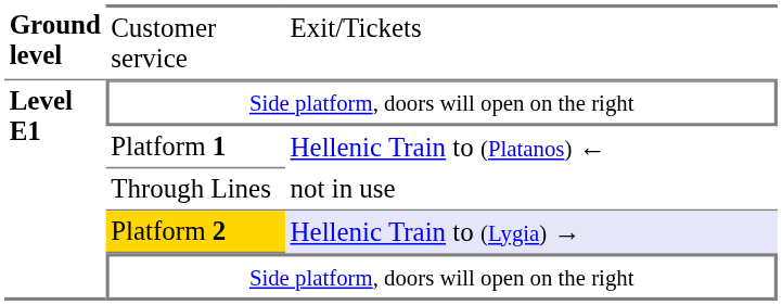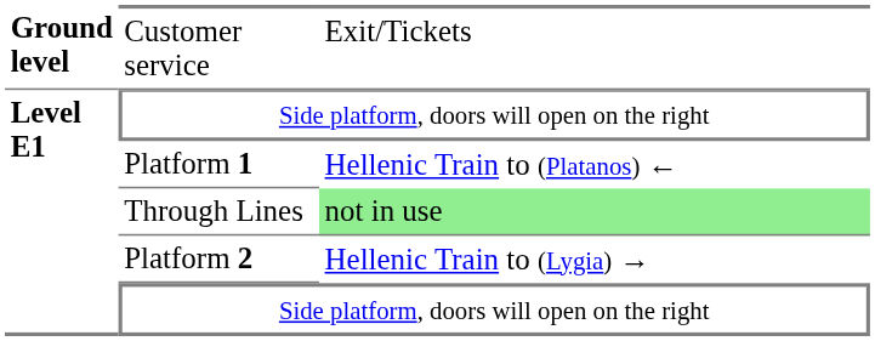 <table table border=0 cellspacing=0 cellpadding=3>
 <tr>
 <td style="border-bottom:solid 1px gray;" width=50 valign=top><strong>Ground level</strong></td>
 <td style="border-top:solid 2px gray;border-bottom:solid 1px gray;" width=100 valign=top>Customer service</td>
 <td style="border-top:solid 2px gray;border-bottom:solid 1px gray;" width=285 valign=top>Exit/Tickets</td>
 </tr>
 <tr>
 <td style="border-bottom:solid 2px gray;" rowspan=5 valign=top><strong>Level<br>Ε1</strong></td>
 <td style="border-top:solid 1px gray;border-right:solid 2px gray;border-left:solid 2px gray;border-bottom:solid 2px gray;text-align:center;" colspan=2><small><a href='#'>Side platform</a>, doors will open on the right</small></td>
 </tr>
 <tr>
 <td style="border-bottom:solid 1px gray;">Platform <strong>1</strong></td>
 <td><a href='#'>Hellenic Train</a> to  <small>(<a href='#'>Platanos</a>)</small> ←</td>
 </tr>
 <tr>
 <td style="border-bottom:solid 1px gray;">Through Lines</td>
-<td style="border-bottom:solid 1px gray;">not in use</td>
+<td style="background: lightgreen; border-bottom:solid 1px gray;">not in use</td>
 </tr>
 <tr>
-<td style="background: gold; border-bottom:solid 1px gray;">Platform <strong>2</strong></td>
-<td style="background: lavender;"><a href='#'>Hellenic Train</a> to  <small>(<a href='#'>Lygia</a>)</small> →</td>
+<td style="border-bottom:solid 1px gray;">Platform <strong>2</strong></td>
+<td><a href='#'>Hellenic Train</a> to  <small>(<a href='#'>Lygia</a>)</small> →</td>
 </tr>
 <tr>
 <td style="border-top:solid 2px gray;border-right:solid 2px gray;border-left:solid 2px gray;border-bottom:solid 2px gray;text-align:center;" colspan=2><small><a href='#'>Side platform</a>, doors will open on the right</small></td>
 </tr>
 </table>
